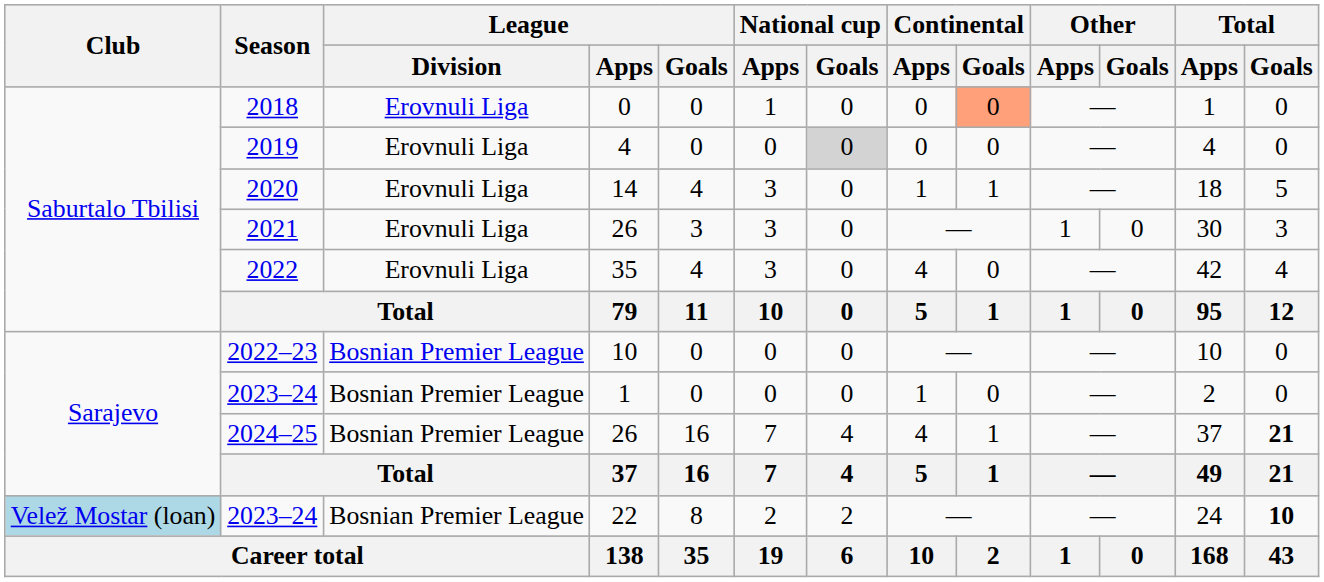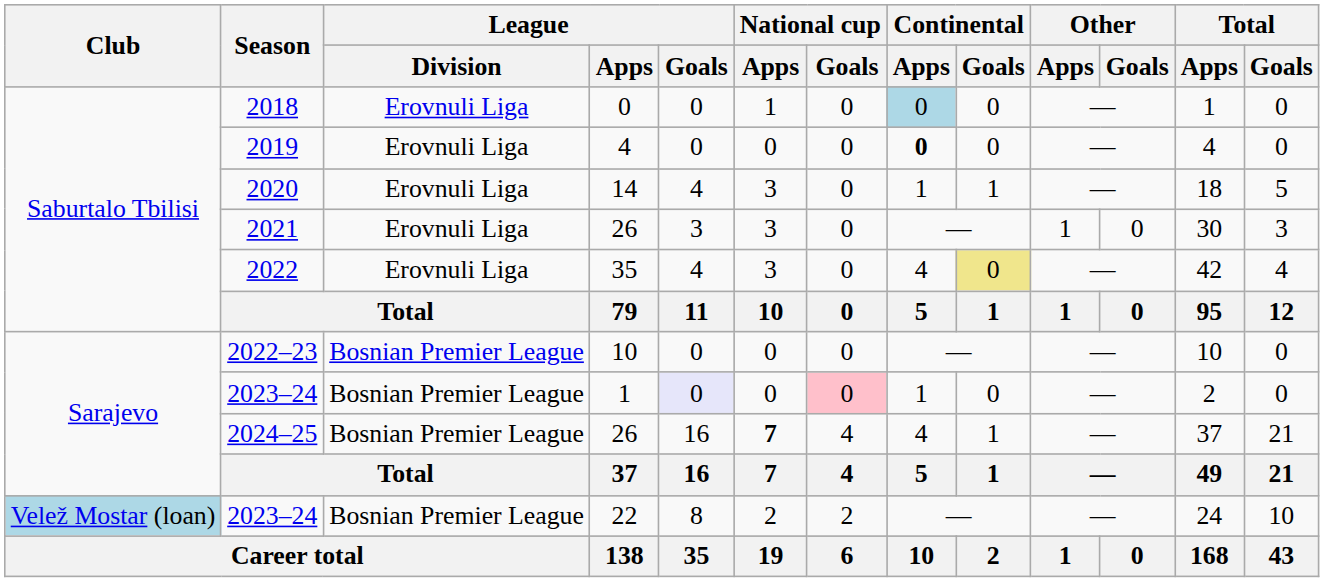 <table class="wikitable" style="text-align:center">
 <tr>
 <th rowspan=2>Club</th>
 <th rowspan=2>Season</th>
 <th colspan=3>League</th>
 <th colspan=2>National cup</th>
 <th colspan=2>Continental</th>
 <th colspan=2>Other</th>
 <th colspan=2>Total</th>
 </tr>
 <tr>
 <th>Division</th>
 <th>Apps</th>
 <th>Goals</th>
 <th>Apps</th>
 <th>Goals</th>
 <th>Apps</th>
 <th>Goals</th>
 <th>Apps</th>
 <th>Goals</th>
 <th>Apps</th>
 <th>Goals</th>
 </tr>
 <tr>
 <td rowspan=6><a href='#'>Saburtalo Tbilisi</a></td>
 <td><a href='#'>2018</a></td>
 <td><a href='#'>Erovnuli Liga</a></td>
 <td>0</td>
 <td>0</td>
 <td>1</td>
 <td>0</td>
+<td style="background: lightblue;">0</td>
 <td>0</td>
-<td style="background: lightsalmon;">0</td>
 <td colspan=2>—</td>
 <td>1</td>
 <td>0</td>
 </tr>
 <tr>
 <td><a href='#'>2019</a></td>
 <td>Erovnuli Liga</td>
 <td>4</td>
 <td>0</td>
 <td>0</td>
-<td style="background: lightgrey;">0</td>
 <td>0</td>
+<td><strong>0</strong></td>
 <td>0</td>
 <td colspan=2>—</td>
 <td>4</td>
 <td>0</td>
 </tr>
 <tr>
 <td><a href='#'>2020</a></td>
 <td>Erovnuli Liga</td>
 <td>14</td>
 <td>4</td>
 <td>3</td>
 <td>0</td>
 <td>1</td>
 <td>1</td>
 <td colspan=2>—</td>
 <td>18</td>
 <td>5</td>
 </tr>
 <tr>
 <td><a href='#'>2021</a></td>
 <td>Erovnuli Liga</td>
 <td>26</td>
 <td>3</td>
 <td>3</td>
 <td>0</td>
 <td colspan=2>—</td>
 <td>1</td>
 <td>0</td>
 <td>30</td>
 <td>3</td>
 </tr>
 <tr>
 <td><a href='#'>2022</a></td>
 <td>Erovnuli Liga</td>
 <td>35</td>
 <td>4</td>
 <td>3</td>
 <td>0</td>
 <td>4</td>
-<td>0</td>
+<td style="background: khaki;">0</td>
 <td colspan=2>—</td>
 <td>42</td>
 <td>4</td>
 </tr>
 <tr>
 <th colspan=2>Total</th>
 <th>79</th>
 <th>11</th>
 <th>10</th>
 <th>0</th>
 <th>5</th>
 <th>1</th>
 <th>1</th>
 <th>0</th>
 <th>95</th>
 <th>12</th>
 </tr>
 <tr>
 <td rowspan=4><a href='#'>Sarajevo</a></td>
 <td><a href='#'>2022–23</a></td>
 <td><a href='#'>Bosnian Premier League</a></td>
 <td>10</td>
 <td>0</td>
 <td>0</td>
 <td>0</td>
 <td colspan=2>—</td>
 <td colspan=2>—</td>
 <td>10</td>
 <td>0</td>
 </tr>
 <tr>
 <td><a href='#'>2023–24</a></td>
 <td>Bosnian Premier League</td>
 <td>1</td>
+<td style="background: lavender;">0</td>
 <td>0</td>
-<td>0</td>
-<td>0</td>
+<td style="background: pink;">0</td>
 <td>1</td>
 <td>0</td>
 <td colspan=2>—</td>
 <td>2</td>
 <td>0</td>
 </tr>
 <tr>
 <td><a href='#'>2024–25</a></td>
 <td>Bosnian Premier League</td>
 <td>26</td>
 <td>16</td>
-<td>7</td>
+<td><strong>7</strong></td>
 <td>4</td>
 <td>4</td>
 <td>1</td>
 <td colspan=2>—</td>
 <td>37</td>
-<td><strong>21</strong></td>
+<td>21</td>
 </tr>
 <tr>
 <th colspan=2>Total</th>
 <th>37</th>
 <th>16</th>
 <th>7</th>
 <th>4</th>
 <th>5</th>
 <th>1</th>
 <th colspan=2>—</th>
 <th>49</th>
 <th>21</th>
 </tr>
 <tr>
 <td style="background: lightblue;"><a href='#'>Velež Mostar</a> (loan)</td>
 <td><a href='#'>2023–24</a></td>
 <td>Bosnian Premier League</td>
 <td>22</td>
 <td>8</td>
 <td>2</td>
 <td>2</td>
 <td colspan=2>—</td>
 <td colspan=2>—</td>
 <td>24</td>
-<td><strong>10</strong></td>
+<td>10</td>
 </tr>
 <tr>
 <th colspan=3>Career total</th>
 <th>138</th>
 <th>35</th>
 <th>19</th>
 <th>6</th>
 <th>10</th>
 <th>2</th>
 <th>1</th>
 <th>0</th>
 <th>168</th>
 <th>43</th>
 </tr>
 </table>
